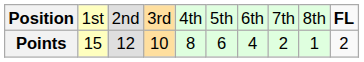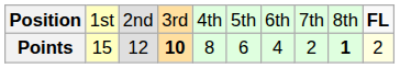 <table class="wikitable" style="font-size:85%; text-align: center;">
 <tr>
 <th>Position</th>
 <td style="background:#FFFFBF;">1st</td>
 <td style="background:#DFDFDF;">2nd</td>
 <td style="background:#FFDF9F;">3rd</td>
 <td style="background:#DFFFDF;">4th</td>
 <td style="background:#DFFFDF;">5th</td>
 <td style="background:#DFFFDF;">6th</td>
 <td style="background:#DFFFDF;">7th</td>
 <td style="background:#DFFFDF;">8th</td>
 <td><strong>FL</strong></td>
 </tr>
 <tr>
 <th>Points</th>
 <td style="background:#FFFFBF;">15</td>
 <td style="background:#DFDFDF;">12</td>
-<td style="background:#FFDF9F;">10</td>
+<td style="background:#FFDF9F;"><strong>10</strong></td>
 <td style="background:#DFFFDF;">8</td>
 <td style="background:#DFFFDF;">6</td>
 <td style="background:#DFFFDF;">4</td>
 <td style="background:#DFFFDF;">2</td>
-<td style="background:#DFFFDF;">1</td>
-<td>2</td>
+<td style="background:#DFFFDF;"><strong>1</strong></td>
+<td style="background: lightyellow;">2</td>
 </tr>
 </table>
